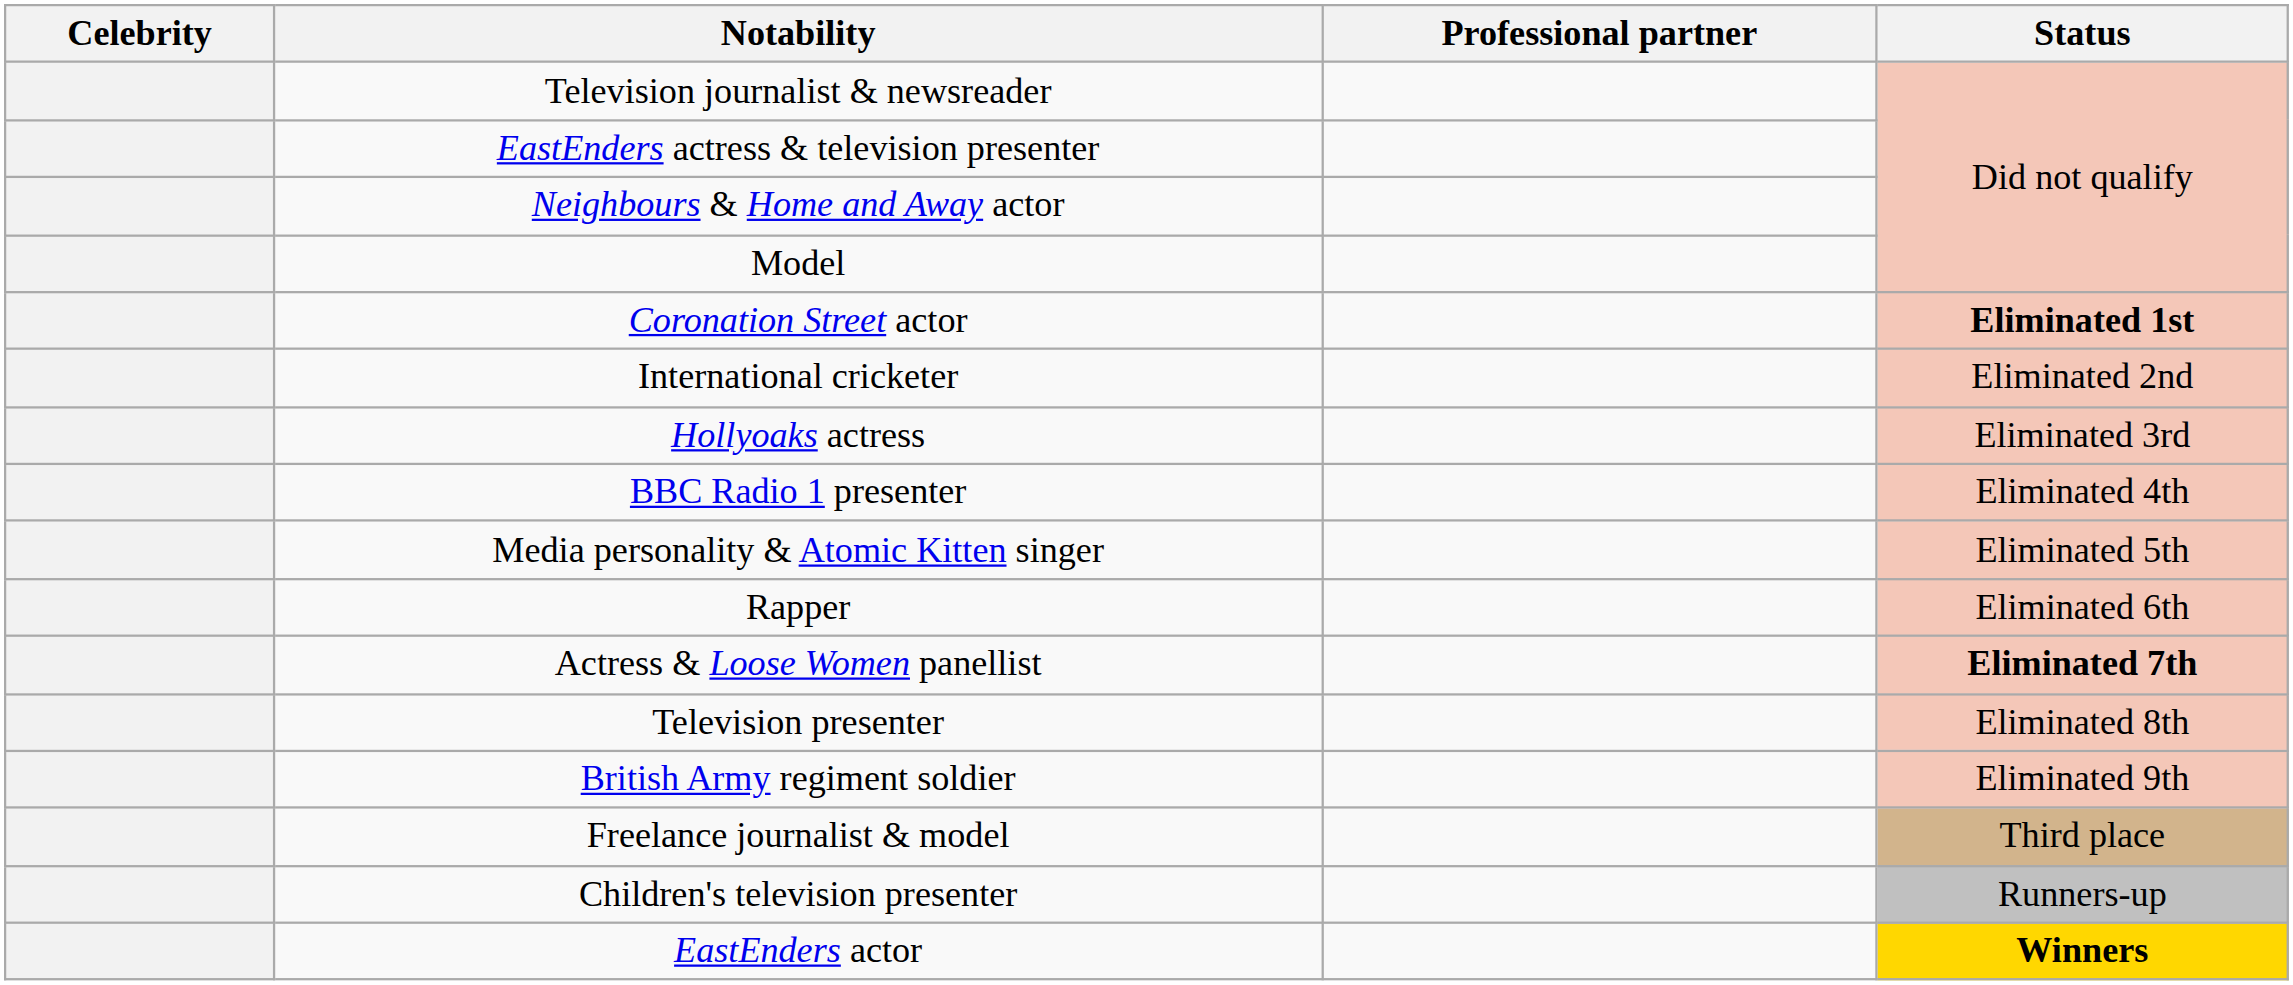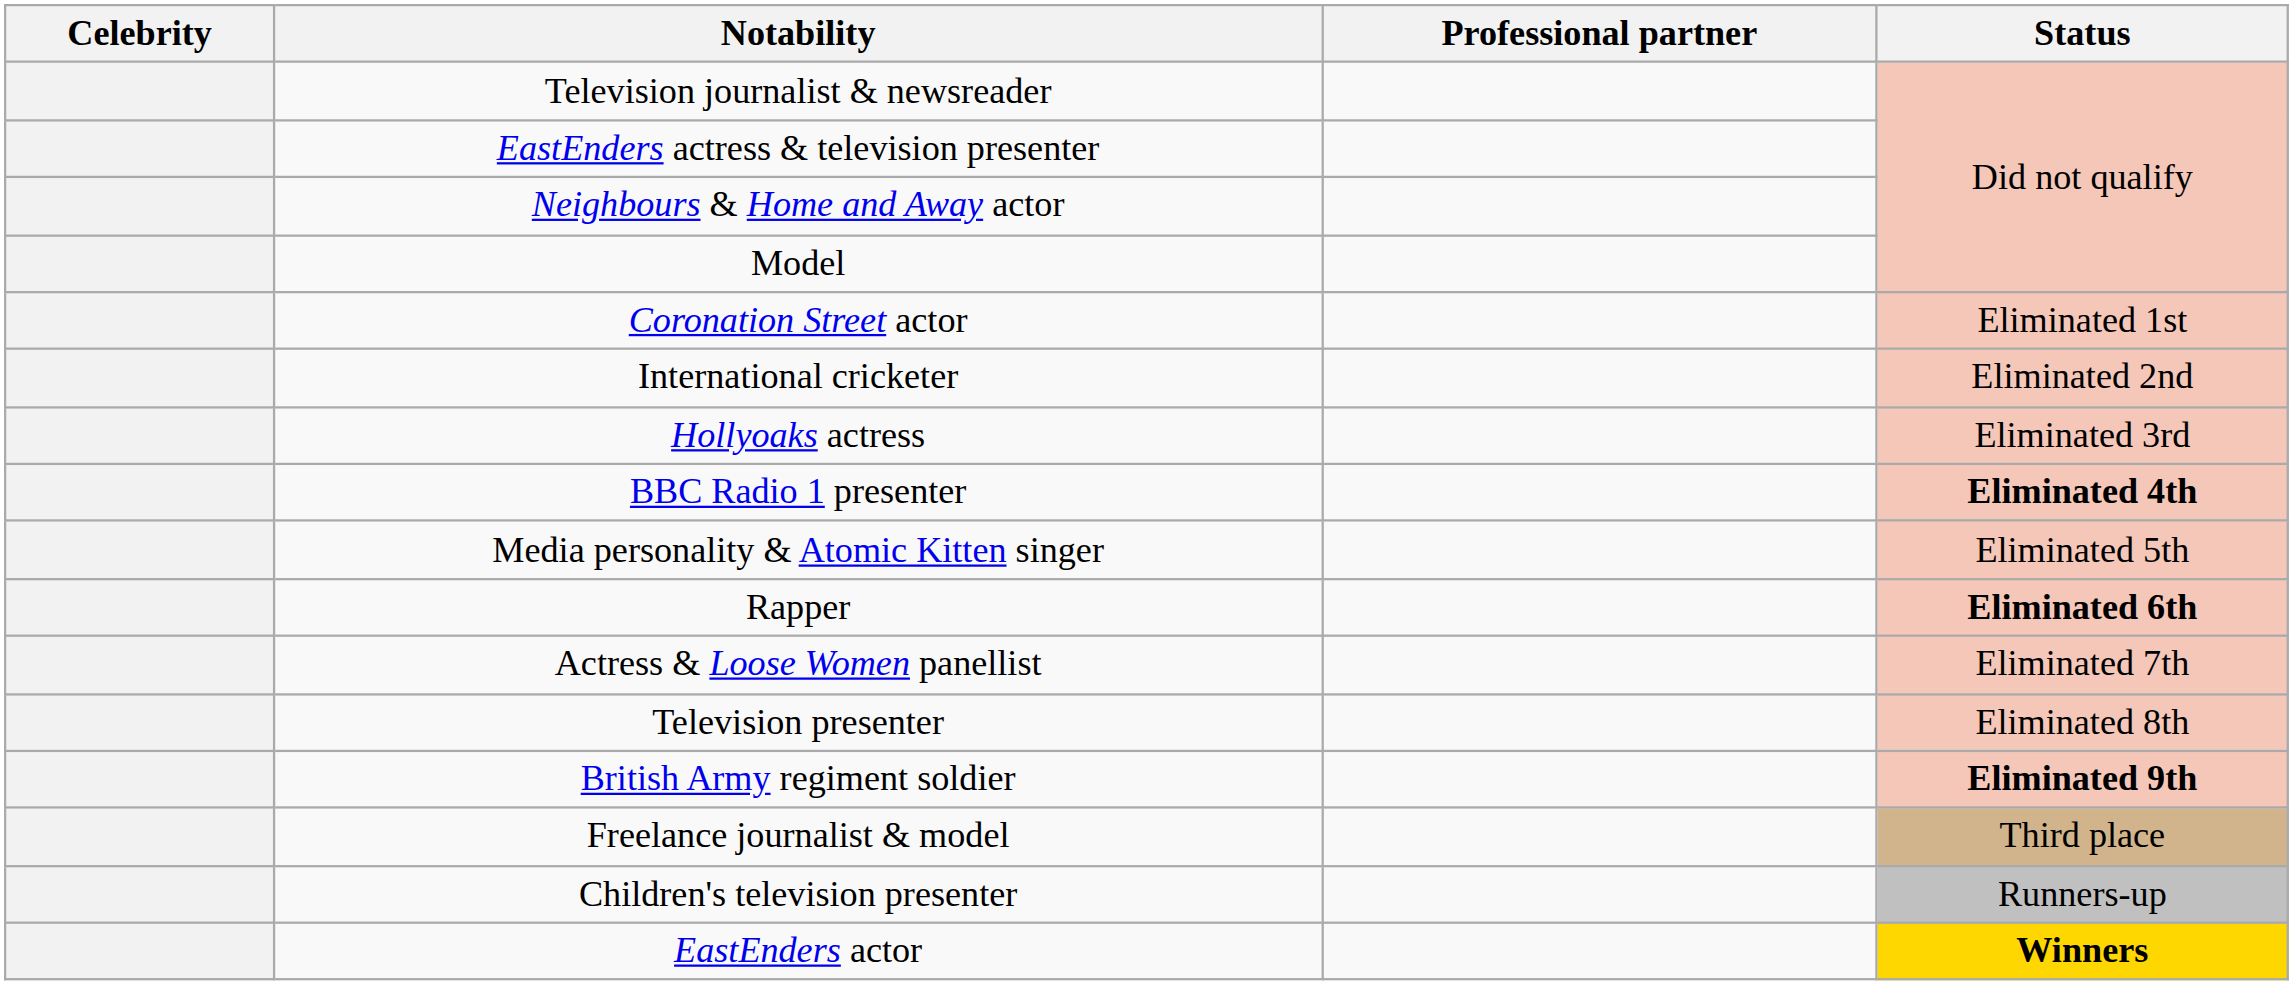 <table class="wikitable sortable" style="text-align:center; width:80%">
 <tr>
 <th scope="col">Celebrity</th>
 <th scope="col" class="unsortable">Notability</th>
 <th scope="col">Professional partner</th>
 <th scope="col">Status</th>
 </tr>
 <tr>
 <th scope="row"></th>
 <td>Television journalist & newsreader</td>
 <td></td>
 <td rowspan="4" bgcolor="f4c7b8">Did not qualify</td>
 </tr>
 <tr>
 <th scope="row"></th>
 <td><em><a href='#'>EastEnders</a></em> actress & television presenter</td>
 <td></td>
 </tr>
 <tr>
 <th scope="row"></th>
 <td><em><a href='#'>Neighbours</a></em> & <em><a href='#'>Home and Away</a></em> actor</td>
 <td></td>
 </tr>
 <tr>
 <th scope="row"></th>
 <td>Model</td>
 <td></td>
 </tr>
 <tr>
 <th scope="row"></th>
 <td><em><a href='#'>Coronation Street</a></em> actor</td>
 <td></td>
-<td bgcolor="f4c7b8"><strong>Eliminated 1st</strong></td>
+<td bgcolor="f4c7b8">Eliminated 1st</td>
 </tr>
 <tr>
 <th scope="row"></th>
 <td>International cricketer</td>
 <td></td>
 <td bgcolor="f4c7b8">Eliminated 2nd</td>
 </tr>
 <tr>
 <th scope="row"></th>
 <td><em><a href='#'>Hollyoaks</a></em> actress</td>
 <td></td>
 <td bgcolor="f4c7b8">Eliminated 3rd</td>
 </tr>
 <tr>
 <th scope="row"></th>
 <td><a href='#'>BBC Radio 1</a> presenter</td>
 <td></td>
-<td bgcolor="f4c7b8">Eliminated 4th</td>
+<td bgcolor="f4c7b8"><strong>Eliminated 4th</strong></td>
 </tr>
 <tr>
 <th scope="row"></th>
 <td>Media personality & <a href='#'>Atomic Kitten</a> singer</td>
 <td></td>
 <td bgcolor="f4c7b8">Eliminated 5th</td>
 </tr>
 <tr>
 <th scope="row"></th>
 <td>Rapper</td>
 <td></td>
-<td bgcolor="f4c7b8">Eliminated 6th</td>
+<td bgcolor="f4c7b8"><strong>Eliminated 6th</strong></td>
 </tr>
 <tr>
 <th scope="row"></th>
 <td>Actress & <em><a href='#'>Loose Women</a></em> panellist</td>
 <td></td>
-<td bgcolor="f4c7b8"><strong>Eliminated 7th</strong></td>
+<td bgcolor="f4c7b8">Eliminated 7th</td>
 </tr>
 <tr>
 <th scope="row"></th>
 <td>Television presenter</td>
 <td></td>
 <td bgcolor="f4c7b8">Eliminated 8th</td>
 </tr>
 <tr>
 <th scope="row"></th>
 <td><a href='#'>British Army</a> regiment soldier</td>
 <td></td>
-<td bgcolor="f4c7b8">Eliminated 9th</td>
+<td bgcolor="f4c7b8"><strong>Eliminated 9th</strong></td>
 </tr>
 <tr>
 <th scope="row"></th>
 <td>Freelance journalist & model</td>
 <td></td>
 <td bgcolor="tan">Third place</td>
 </tr>
 <tr>
 <th scope="row"></th>
 <td>Children's television presenter</td>
 <td></td>
 <td bgcolor="silver">Runners-up</td>
 </tr>
 <tr>
 <th scope="row"></th>
 <td><em><a href='#'>EastEnders</a></em> actor</td>
 <td></td>
 <td bgcolor="gold"><strong>Winners</strong></td>
 </tr>
 </table>
